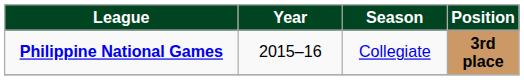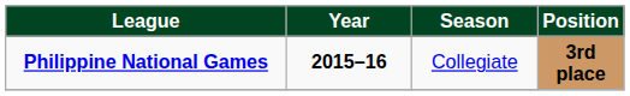 <table class="wikitable" style="text-align:center; font-size:10pt;">
 <tr style="background: #014421; font-weight:bold;">
 <td style="width:14em;color:#FFFFFF">League</td>
 <td style="width:6em;color:#FFFFFF">Year</td>
 <td style="width:6em;color:#FFFFFF">Season</td>
 <td style="width:4em;color:#FFFFFF">Position</td>
 </tr>
 <tr>
 <td><strong><a href='#'>Philippine National Games</a></strong></td>
-<td>2015–16</td>
+<td><strong>2015–16</strong></td>
 <td align="center"><a href='#'>Collegiate</a></td>
 <td bgcolor="#CC9966"><strong>3rd place</strong></td>
 </tr>
 <tr>
 </tr>
 </table>
